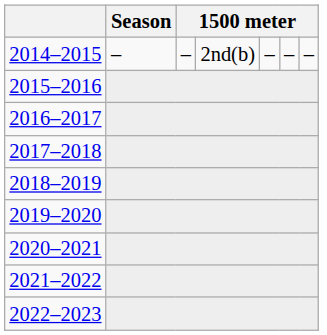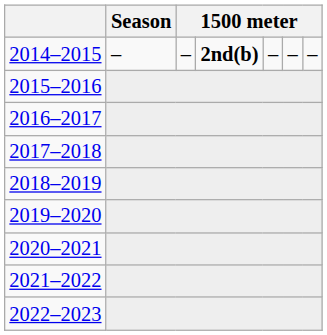 <table class="wikitable" style="display: inline-table">
 <tr>
 <th></th>
 <th>Season</th>
 <th colspan="6">1500 meter</th>
 </tr>
 <tr>
 <td><a href='#'>2014–2015</a></td>
 <td>–</td>
 <td>–</td>
-<td>2nd(b)</td>
+<td><strong>2nd(b)</strong></td>
 <td>–</td>
 <td>–</td>
 <td>–</td>
 </tr>
 <tr>
 <td><a href='#'>2015–2016</a></td>
 <td colspan="6" bgcolor=#EEEEEE></td>
 </tr>
 <tr>
 <td><a href='#'>2016–2017</a></td>
 <td colspan="6" bgcolor=#EEEEEE></td>
 </tr>
 <tr>
 <td><a href='#'>2017–2018</a></td>
 <td colspan="6" bgcolor=#EEEEEE></td>
 </tr>
 <tr>
 <td><a href='#'>2018–2019</a></td>
 <td colspan="6" bgcolor=#EEEEEE></td>
 </tr>
 <tr>
 <td><a href='#'>2019–2020</a></td>
 <td colspan="6" bgcolor=#EEEEEE></td>
 </tr>
 <tr>
 <td><a href='#'>2020–2021</a></td>
 <td colspan="6" bgcolor=#EEEEEE></td>
 </tr>
 <tr>
 <td><a href='#'>2021–2022</a></td>
 <td colspan="6" bgcolor=#EEEEEE></td>
 </tr>
 <tr>
 <td><a href='#'>2022–2023</a></td>
 <td colspan="6" bgcolor=#EEEEEE></td>
 </tr>
 </table>
